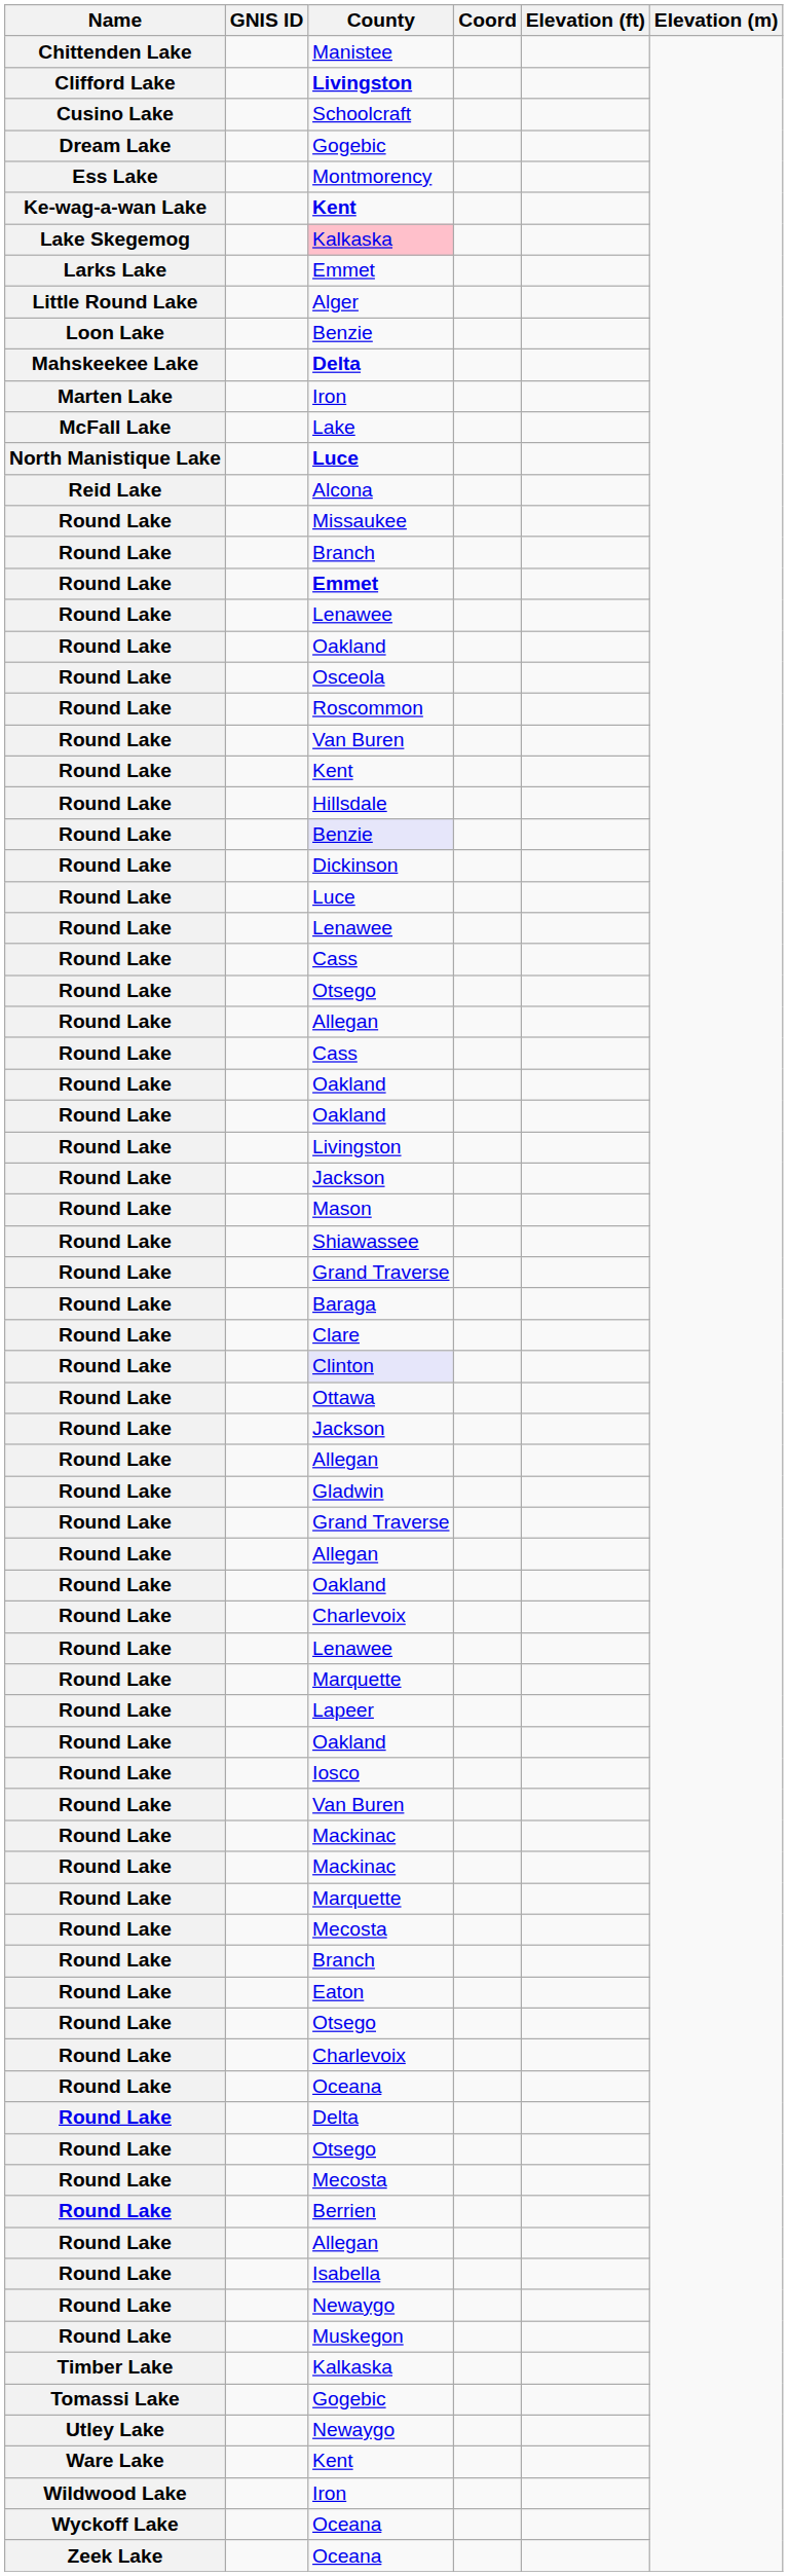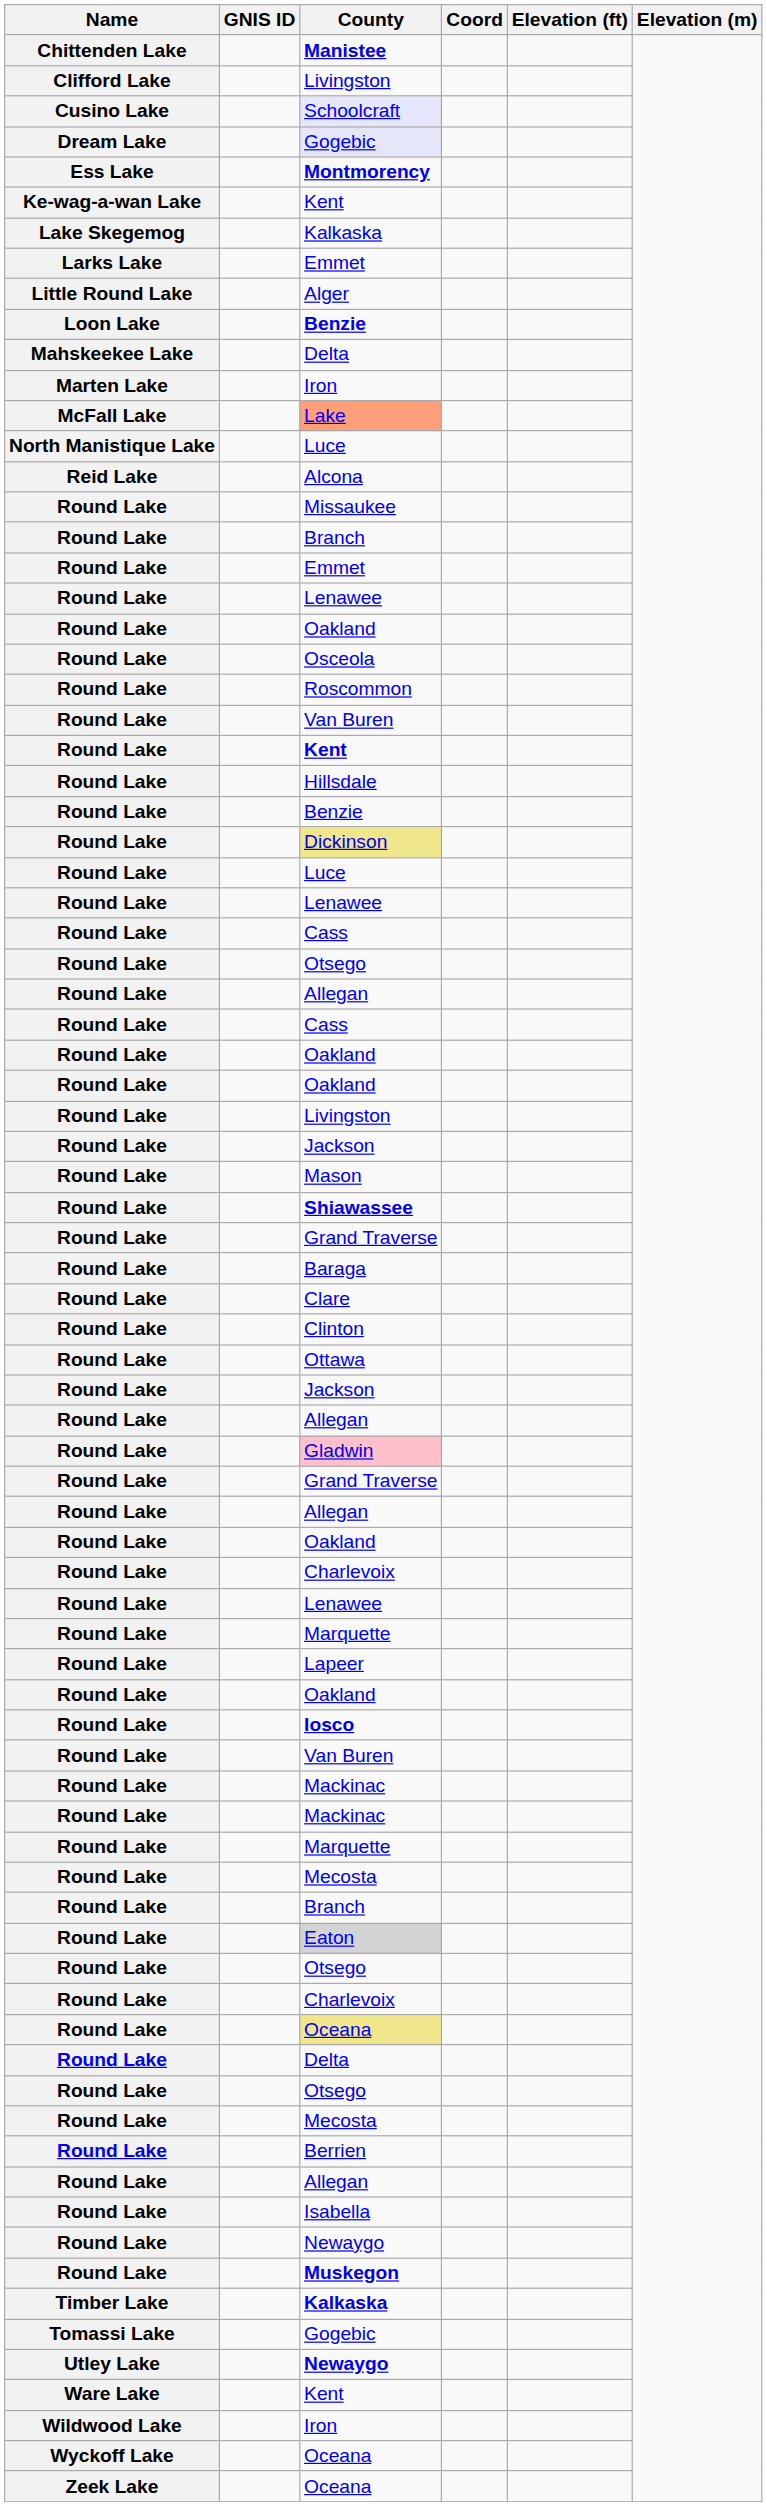 <table class="wikitable sortable plainrowheaders">
 <tr>
 <th scope="row">Name</th>
 <th scope="row">GNIS ID</th>
 <th scope="row">County</th>
 <th scope="row">Coord</th>
 <th scope="row">Elevation (ft)</th>
 <th scope="row" class="unsortable">Elevation (m)</th>
 </tr>
 <tr>
 <th scope="row">Chittenden Lake</th>
 <td></td>
-<td><a href='#'>Manistee</a></td>
+<td><strong><a href='#'>Manistee</a></strong></td>
 <td></td>
 <td></td>
 </tr>
 <tr>
 <th scope="row">Clifford Lake</th>
 <td></td>
-<td><strong><a href='#'>Livingston</a></strong></td>
+<td><a href='#'>Livingston</a></td>
 <td></td>
 <td></td>
 </tr>
 <tr>
 <th scope="row">Cusino Lake</th>
 <td></td>
-<td><a href='#'>Schoolcraft</a></td>
+<td style="background: lavender;"><a href='#'>Schoolcraft</a></td>
 <td></td>
 <td></td>
 </tr>
 <tr>
 <th scope="row">Dream Lake</th>
 <td></td>
-<td><a href='#'>Gogebic</a></td>
+<td style="background: lavender;"><a href='#'>Gogebic</a></td>
 <td></td>
 <td></td>
 </tr>
 <tr>
 <th scope="row">Ess Lake</th>
 <td></td>
-<td><a href='#'>Montmorency</a></td>
+<td><strong><a href='#'>Montmorency</a></strong></td>
 <td></td>
 <td></td>
 </tr>
 <tr>
 <th scope="row">Ke-wag-a-wan Lake</th>
 <td></td>
-<td><strong><a href='#'>Kent</a></strong></td>
+<td><a href='#'>Kent</a></td>
 <td></td>
 <td></td>
 </tr>
 <tr>
 <th scope="row">Lake Skegemog</th>
 <td></td>
-<td style="background: pink;"><a href='#'>Kalkaska</a></td>
+<td><a href='#'>Kalkaska</a></td>
 <td></td>
 <td></td>
 </tr>
 <tr>
 <th scope="row">Larks Lake</th>
 <td></td>
 <td><a href='#'>Emmet</a></td>
 <td></td>
 <td></td>
 </tr>
 <tr>
 <th scope="row">Little Round Lake</th>
 <td></td>
 <td><a href='#'>Alger</a></td>
 <td></td>
 <td></td>
 </tr>
 <tr>
 <th scope="row">Loon Lake</th>
 <td></td>
-<td><a href='#'>Benzie</a></td>
+<td><strong><a href='#'>Benzie</a></strong></td>
 <td></td>
 <td></td>
 </tr>
 <tr>
 <th scope="row">Mahskeekee Lake</th>
 <td></td>
-<td><strong><a href='#'>Delta</a></strong></td>
+<td><a href='#'>Delta</a></td>
 <td></td>
 <td></td>
 </tr>
 <tr>
 <th scope="row">Marten Lake</th>
 <td></td>
 <td><a href='#'>Iron</a></td>
 <td></td>
 <td></td>
 </tr>
 <tr>
 <th scope="row">McFall Lake</th>
 <td></td>
-<td><a href='#'>Lake</a></td>
+<td style="background: lightsalmon;"><a href='#'>Lake</a></td>
 <td></td>
 <td></td>
 </tr>
 <tr>
 <th scope="row">North Manistique Lake</th>
 <td></td>
-<td><strong><a href='#'>Luce</a></strong></td>
+<td><a href='#'>Luce</a></td>
 <td></td>
 <td></td>
 </tr>
 <tr>
 <th scope="row">Reid Lake</th>
 <td></td>
 <td><a href='#'>Alcona</a></td>
 <td></td>
 <td></td>
 </tr>
 <tr>
 <th scope="row">Round Lake</th>
 <td></td>
 <td><a href='#'>Missaukee</a></td>
 <td></td>
 <td></td>
 </tr>
 <tr>
 <th scope="row">Round Lake</th>
 <td></td>
 <td><a href='#'>Branch</a></td>
 <td></td>
 <td></td>
 </tr>
 <tr>
 <th scope="row">Round Lake</th>
 <td></td>
-<td><strong><a href='#'>Emmet</a></strong></td>
+<td><a href='#'>Emmet</a></td>
 <td></td>
 <td></td>
 </tr>
 <tr>
 <th scope="row">Round Lake</th>
 <td></td>
 <td><a href='#'>Lenawee</a></td>
 <td></td>
 <td></td>
 </tr>
 <tr>
 <th scope="row">Round Lake</th>
 <td></td>
 <td><a href='#'>Oakland</a></td>
 <td></td>
 <td></td>
 </tr>
 <tr>
 <th scope="row">Round Lake</th>
 <td></td>
 <td><a href='#'>Osceola</a></td>
 <td></td>
 <td></td>
 </tr>
 <tr>
 <th scope="row">Round Lake</th>
 <td></td>
 <td><a href='#'>Roscommon</a></td>
 <td></td>
 <td></td>
 </tr>
 <tr>
 <th scope="row">Round Lake</th>
 <td></td>
 <td><a href='#'>Van Buren</a></td>
 <td></td>
 <td></td>
 </tr>
 <tr>
 <th scope="row">Round Lake</th>
 <td></td>
-<td><a href='#'>Kent</a></td>
+<td><strong><a href='#'>Kent</a></strong></td>
 <td></td>
 <td></td>
 </tr>
 <tr>
 <th scope="row">Round Lake</th>
 <td></td>
 <td><a href='#'>Hillsdale</a></td>
 <td></td>
 <td></td>
 </tr>
 <tr>
 <th scope="row">Round Lake</th>
 <td></td>
-<td style="background: lavender;"><a href='#'>Benzie</a></td>
+<td><a href='#'>Benzie</a></td>
 <td></td>
 <td></td>
 </tr>
 <tr>
 <th scope="row">Round Lake</th>
 <td></td>
-<td><a href='#'>Dickinson</a></td>
+<td style="background: khaki;"><a href='#'>Dickinson</a></td>
 <td></td>
 <td></td>
 </tr>
 <tr>
 <th scope="row">Round Lake</th>
 <td></td>
 <td><a href='#'>Luce</a></td>
 <td></td>
 <td></td>
 </tr>
 <tr>
 <th scope="row">Round Lake</th>
 <td></td>
 <td><a href='#'>Lenawee</a></td>
 <td></td>
 <td></td>
 </tr>
 <tr>
 <th scope="row">Round Lake</th>
 <td></td>
 <td><a href='#'>Cass</a></td>
 <td></td>
 <td></td>
 </tr>
 <tr>
 <th scope="row">Round Lake</th>
 <td></td>
 <td><a href='#'>Otsego</a></td>
 <td></td>
 <td></td>
 </tr>
 <tr>
 <th scope="row">Round Lake</th>
 <td></td>
 <td><a href='#'>Allegan</a></td>
 <td></td>
 <td></td>
 </tr>
 <tr>
 <th scope="row">Round Lake</th>
 <td></td>
 <td><a href='#'>Cass</a></td>
 <td></td>
 <td></td>
 </tr>
 <tr>
 <th scope="row">Round Lake</th>
 <td></td>
 <td><a href='#'>Oakland</a></td>
 <td></td>
 <td></td>
 </tr>
 <tr>
 <th scope="row">Round Lake</th>
 <td></td>
 <td><a href='#'>Oakland</a></td>
 <td></td>
 <td></td>
 </tr>
 <tr>
 <th scope="row">Round Lake</th>
 <td></td>
 <td><a href='#'>Livingston</a></td>
 <td></td>
 <td></td>
 </tr>
 <tr>
 <th scope="row">Round Lake</th>
 <td></td>
 <td><a href='#'>Jackson</a></td>
 <td></td>
 <td></td>
 </tr>
 <tr>
 <th scope="row">Round Lake</th>
 <td></td>
 <td><a href='#'>Mason</a></td>
 <td></td>
 <td></td>
 </tr>
 <tr>
 <th scope="row">Round Lake</th>
 <td></td>
-<td><a href='#'>Shiawassee</a></td>
+<td><strong><a href='#'>Shiawassee</a></strong></td>
 <td></td>
 <td></td>
 </tr>
 <tr>
 <th scope="row">Round Lake</th>
 <td></td>
 <td><a href='#'>Grand Traverse</a></td>
 <td></td>
 <td></td>
 </tr>
 <tr>
 <th scope="row">Round Lake</th>
 <td></td>
 <td><a href='#'>Baraga</a></td>
 <td></td>
 <td></td>
 </tr>
 <tr>
 <th scope="row">Round Lake</th>
 <td></td>
 <td><a href='#'>Clare</a></td>
 <td></td>
 <td></td>
 </tr>
 <tr>
 <th scope="row">Round Lake</th>
 <td></td>
-<td style="background: lavender;"><a href='#'>Clinton</a></td>
+<td><a href='#'>Clinton</a></td>
 <td></td>
 <td></td>
 </tr>
 <tr>
 <th scope="row">Round Lake</th>
 <td></td>
 <td><a href='#'>Ottawa</a></td>
 <td></td>
 <td></td>
 </tr>
 <tr>
 <th scope="row">Round Lake</th>
 <td></td>
 <td><a href='#'>Jackson</a></td>
 <td></td>
 <td></td>
 </tr>
 <tr>
 <th scope="row">Round Lake</th>
 <td></td>
 <td><a href='#'>Allegan</a></td>
 <td></td>
 <td></td>
 </tr>
 <tr>
 <th scope="row">Round Lake</th>
 <td></td>
-<td><a href='#'>Gladwin</a></td>
+<td style="background: pink;"><a href='#'>Gladwin</a></td>
 <td></td>
 <td></td>
 </tr>
 <tr>
 <th scope="row">Round Lake</th>
 <td></td>
 <td><a href='#'>Grand Traverse</a></td>
 <td></td>
 <td></td>
 </tr>
 <tr>
 <th scope="row">Round Lake</th>
 <td></td>
 <td><a href='#'>Allegan</a></td>
 <td></td>
 <td></td>
 </tr>
 <tr>
 <th scope="row">Round Lake</th>
 <td></td>
 <td><a href='#'>Oakland</a></td>
 <td></td>
 <td></td>
 </tr>
 <tr>
 <th scope="row">Round Lake</th>
 <td></td>
 <td><a href='#'>Charlevoix</a></td>
 <td></td>
 <td></td>
 </tr>
 <tr>
 <th scope="row">Round Lake</th>
 <td></td>
 <td><a href='#'>Lenawee</a></td>
 <td></td>
 <td></td>
 </tr>
 <tr>
 <th scope="row">Round Lake</th>
 <td></td>
 <td><a href='#'>Marquette</a></td>
 <td></td>
 <td></td>
 </tr>
 <tr>
 <th scope="row">Round Lake</th>
 <td></td>
 <td><a href='#'>Lapeer</a></td>
 <td></td>
 <td></td>
 </tr>
 <tr>
 <th scope="row">Round Lake</th>
 <td></td>
 <td><a href='#'>Oakland</a></td>
 <td></td>
 <td></td>
 </tr>
 <tr>
 <th scope="row">Round Lake</th>
 <td></td>
-<td><a href='#'>Iosco</a></td>
+<td><strong><a href='#'>Iosco</a></strong></td>
 <td></td>
 <td></td>
 </tr>
 <tr>
 <th scope="row">Round Lake</th>
 <td></td>
 <td><a href='#'>Van Buren</a></td>
 <td></td>
 <td></td>
 </tr>
 <tr>
 <th scope="row">Round Lake</th>
 <td></td>
 <td><a href='#'>Mackinac</a></td>
 <td></td>
 <td></td>
 </tr>
 <tr>
 <th scope="row">Round Lake</th>
 <td></td>
 <td><a href='#'>Mackinac</a></td>
 <td></td>
 <td></td>
 </tr>
 <tr>
 <th scope="row">Round Lake</th>
 <td></td>
 <td><a href='#'>Marquette</a></td>
 <td></td>
 <td></td>
 </tr>
 <tr>
 <th scope="row">Round Lake</th>
 <td></td>
 <td><a href='#'>Mecosta</a></td>
 <td></td>
 <td></td>
 </tr>
 <tr>
 <th scope="row">Round Lake</th>
 <td></td>
 <td><a href='#'>Branch</a></td>
 <td></td>
 <td></td>
 </tr>
 <tr>
 <th scope="row">Round Lake</th>
 <td></td>
-<td><a href='#'>Eaton</a></td>
+<td style="background: lightgrey;"><a href='#'>Eaton</a></td>
 <td></td>
 <td></td>
 </tr>
 <tr>
 <th scope="row">Round Lake</th>
 <td></td>
 <td><a href='#'>Otsego</a></td>
 <td></td>
 <td></td>
 </tr>
 <tr>
 <th scope="row">Round Lake</th>
 <td></td>
 <td><a href='#'>Charlevoix</a></td>
 <td></td>
 <td></td>
 </tr>
 <tr>
 <th scope="row">Round Lake</th>
 <td></td>
-<td><a href='#'>Oceana</a></td>
+<td style="background: khaki;"><a href='#'>Oceana</a></td>
 <td></td>
 <td></td>
 </tr>
 <tr>
 <th scope="row"><a href='#'>Round Lake</a></th>
 <td></td>
 <td><a href='#'>Delta</a></td>
 <td></td>
 <td></td>
 </tr>
 <tr>
 <th scope="row">Round Lake</th>
 <td></td>
 <td><a href='#'>Otsego</a></td>
 <td></td>
 <td></td>
 </tr>
 <tr>
 <th scope="row">Round Lake</th>
 <td></td>
 <td><a href='#'>Mecosta</a></td>
 <td></td>
 <td></td>
 </tr>
 <tr>
 <th scope="row"><a href='#'>Round Lake</a></th>
 <td></td>
 <td><a href='#'>Berrien</a></td>
 <td></td>
 <td></td>
 </tr>
 <tr>
 <th scope="row">Round Lake</th>
 <td></td>
 <td><a href='#'>Allegan</a></td>
 <td></td>
 <td></td>
 </tr>
 <tr>
 <th scope="row">Round Lake</th>
 <td></td>
 <td><a href='#'>Isabella</a></td>
 <td></td>
 <td></td>
 </tr>
 <tr>
 <th scope="row">Round Lake</th>
 <td></td>
 <td><a href='#'>Newaygo</a></td>
 <td></td>
 <td></td>
 </tr>
 <tr>
 <th scope="row">Round Lake</th>
 <td></td>
-<td><a href='#'>Muskegon</a></td>
+<td><strong><a href='#'>Muskegon</a></strong></td>
 <td></td>
 <td></td>
 </tr>
 <tr>
 <th scope="row">Timber Lake</th>
 <td></td>
-<td><a href='#'>Kalkaska</a></td>
+<td><strong><a href='#'>Kalkaska</a></strong></td>
 <td></td>
 <td></td>
 </tr>
 <tr>
 <th scope="row">Tomassi Lake</th>
 <td></td>
 <td><a href='#'>Gogebic</a></td>
 <td></td>
 <td></td>
 </tr>
 <tr>
 <th scope="row">Utley Lake</th>
 <td></td>
-<td><a href='#'>Newaygo</a></td>
+<td><strong><a href='#'>Newaygo</a></strong></td>
 <td></td>
 <td></td>
 </tr>
 <tr>
 <th scope="row">Ware Lake</th>
 <td></td>
 <td><a href='#'>Kent</a></td>
 <td></td>
 <td></td>
 </tr>
 <tr>
 <th scope="row">Wildwood Lake</th>
 <td></td>
 <td><a href='#'>Iron</a></td>
 <td></td>
 <td></td>
 </tr>
 <tr>
 <th scope="row">Wyckoff Lake</th>
 <td></td>
 <td><a href='#'>Oceana</a></td>
 <td></td>
 <td></td>
 </tr>
 <tr>
 <th scope="row">Zeek Lake</th>
 <td></td>
 <td><a href='#'>Oceana</a></td>
 <td></td>
 <td></td>
 </tr>
 </table>
